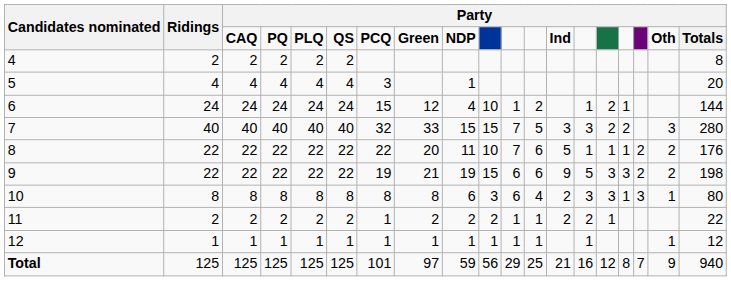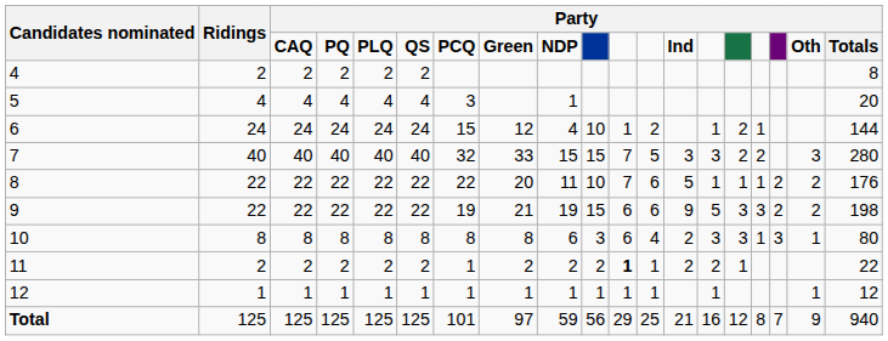 <table class="wikitable" style="text-align:right;">
 <tr>
 <th rowspan="2">Candidates nominated</th>
 <th rowspan="2">Ridings</th>
 <th colspan="17">Party</th>
 </tr>
 <tr>
 <td><strong>CAQ</strong></td>
 <td><strong>PQ</strong></td>
 <td><strong>PLQ</strong></td>
 <td><strong>QS</strong></td>
 <td><strong>PCQ</strong></td>
 <td><strong>Green</strong></td>
 <td><strong>NDP</strong></td>
 <td style="background-color:#003399; color: white" align="center"><strong></strong></td>
 <td><strong></strong></td>
 <td><strong></strong></td>
 <td><strong>Ind</strong></td>
 <td><strong></strong></td>
 <td style="background:#177245; color: white" align="center"><strong></strong></td>
 <td><strong></strong></td>
 <td style="background-color:#6C0277; color: white" align="center"><strong></strong></td>
 <td><strong>Oth</strong></td>
 <th>Totals</th>
 </tr>
 <tr>
 <td style="text-align:left;">4</td>
 <td>2</td>
 <td>2</td>
 <td>2</td>
 <td>2</td>
 <td>2</td>
 <td></td>
 <td></td>
 <td></td>
 <td></td>
 <td></td>
 <td></td>
 <td></td>
 <td></td>
 <td></td>
 <td></td>
 <td></td>
 <td></td>
 <td>8</td>
 </tr>
 <tr>
 <td style="text-align:left;">5</td>
 <td>4</td>
 <td>4</td>
 <td>4</td>
 <td>4</td>
 <td>4</td>
 <td>3</td>
 <td></td>
 <td>1</td>
 <td></td>
 <td></td>
 <td></td>
 <td></td>
 <td></td>
 <td></td>
 <td></td>
 <td></td>
 <td></td>
 <td>20</td>
 </tr>
 <tr>
 <td style="text-align:left;">6</td>
 <td>24</td>
 <td>24</td>
 <td>24</td>
 <td>24</td>
 <td>24</td>
 <td>15</td>
 <td>12</td>
 <td>4</td>
 <td>10</td>
 <td>1</td>
 <td>2</td>
 <td></td>
 <td>1</td>
 <td>2</td>
 <td>1</td>
 <td></td>
 <td></td>
 <td>144</td>
 </tr>
 <tr>
 <td style="text-align:left;">7</td>
 <td>40</td>
 <td>40</td>
 <td>40</td>
 <td>40</td>
 <td>40</td>
 <td>32</td>
 <td>33</td>
 <td>15</td>
 <td>15</td>
 <td>7</td>
 <td>5</td>
 <td>3</td>
 <td>3</td>
 <td>2</td>
 <td>2</td>
 <td></td>
 <td>3</td>
 <td>280</td>
 </tr>
 <tr>
 <td style="text-align:left;">8</td>
 <td>22</td>
 <td>22</td>
 <td>22</td>
 <td>22</td>
 <td>22</td>
 <td>22</td>
 <td>20</td>
 <td>11</td>
 <td>10</td>
 <td>7</td>
 <td>6</td>
 <td>5</td>
 <td>1</td>
 <td>1</td>
 <td>1</td>
 <td>2</td>
 <td>2</td>
 <td>176</td>
 </tr>
 <tr>
 <td style="text-align:left;">9</td>
 <td>22</td>
 <td>22</td>
 <td>22</td>
 <td>22</td>
 <td>22</td>
 <td>19</td>
 <td>21</td>
 <td>19</td>
 <td>15</td>
 <td>6</td>
 <td>6</td>
 <td>9</td>
 <td>5</td>
 <td>3</td>
 <td>3</td>
 <td>2</td>
 <td>2</td>
 <td>198</td>
 </tr>
 <tr>
 <td style="text-align:left;">10</td>
 <td>8</td>
 <td>8</td>
 <td>8</td>
 <td>8</td>
 <td>8</td>
 <td>8</td>
 <td>8</td>
 <td>6</td>
 <td>3</td>
 <td>6</td>
 <td>4</td>
 <td>2</td>
 <td>3</td>
 <td>3</td>
 <td>1</td>
 <td>3</td>
 <td>1</td>
 <td>80</td>
 </tr>
 <tr>
 <td style="text-align:left;">11</td>
 <td>2</td>
 <td>2</td>
 <td>2</td>
 <td>2</td>
 <td>2</td>
 <td>1</td>
 <td>2</td>
 <td>2</td>
 <td>2</td>
-<td>1</td>
+<td><strong>1</strong></td>
 <td>1</td>
 <td>2</td>
 <td>2</td>
 <td>1</td>
 <td></td>
 <td></td>
 <td></td>
 <td>22</td>
 </tr>
 <tr>
 <td style="text-align:left;">12</td>
 <td>1</td>
 <td>1</td>
 <td>1</td>
 <td>1</td>
 <td>1</td>
 <td>1</td>
 <td>1</td>
 <td>1</td>
 <td>1</td>
 <td>1</td>
 <td>1</td>
 <td></td>
 <td>1</td>
 <td></td>
 <td></td>
 <td></td>
 <td>1</td>
 <td>12</td>
 </tr>
 <tr>
 <td style="text-align:left;"><strong>Total</strong></td>
 <td>125</td>
 <td>125</td>
 <td>125</td>
 <td>125</td>
 <td>125</td>
 <td>101</td>
 <td>97</td>
 <td>59</td>
 <td>56</td>
 <td>29</td>
 <td>25</td>
 <td>21</td>
 <td>16</td>
 <td>12</td>
 <td>8</td>
 <td>7</td>
 <td>9</td>
 <td>940</td>
 </tr>
 </table>
